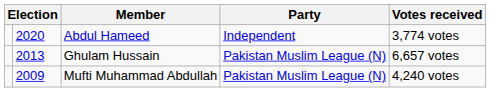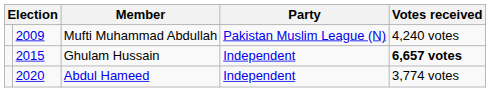 <table class="wikitable">
 <tr>
 <th colspan="2">Election</th>
 <th>Member</th>
 <th>Party</th>
 <th>Votes received</th>
 </tr>
 <tr>
+<td style="background-color: "></td>
+<td><a href='#'>2009</a></td>
+<td>Mufti Muhammad Abdullah</td>
+<td><a href='#'>Pakistan Muslim League (N)</a></td>
+<td>4,240 votes</td>
+</tr>
+<tr>
+<td style="background-color: "></td>
+<td><a href='#'>2015</a></td>
+<td>Ghulam Hussain</td>
+<td><a href='#'>Independent</a></td>
+<td><strong>6,657 votes</strong></td>
+</tr>
+<tr>
 <td></td>
 <td><a href='#'>2020</a></td>
 <td><a href='#'>Abdul Hameed</a></td>
 <td><a href='#'>Independent</a></td>
 <td>3,774 votes</td>
 </tr>
-<tr>
-<td style="background-color: "></td>
-<td><a href='#'>2013</a></td>
-<td>Ghulam Hussain</td>
-<td><a href='#'>Pakistan Muslim League (N)</a></td>
-<td>6,657 votes</td>
-</tr>
-<tr>
-<td style="background-color: "></td>
-<td><a href='#'>2009</a></td>
-<td>Mufti Muhammad Abdullah</td>
-<td><a href='#'>Pakistan Muslim League (N)</a></td>
-<td>4,240 votes</td>
-</tr>
 </table>
